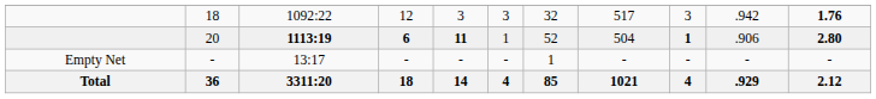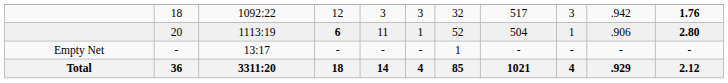 <table class="wikitable sortable" width ="1000">
 <tr align="center">
 </tr>
 <tr align="center" bgcolor="">
 <td></td>
 <td>18</td>
 <td>1092:22</td>
 <td>12</td>
 <td>3</td>
 <td>3</td>
 <td>32</td>
 <td>517</td>
 <td>3</td>
 <td>.942</td>
 <td><strong>1.76</strong></td>
 </tr>
 <tr align="center" bgcolor="f0f0f0">
 <td></td>
 <td>20</td>
-<td><strong>1113:19</strong></td>
+<td>1113:19</td>
 <td><strong>6</strong></td>
-<td><strong>11</strong></td>
+<td>11</td>
 <td>1</td>
 <td>52</td>
 <td>504</td>
-<td><strong>1</strong></td>
+<td>1</td>
 <td>.906</td>
 <td><strong>2.80</strong></td>
 </tr>
 <tr align="center" bgcolor="">
 <td>Empty Net</td>
 <td>-</td>
 <td>13:17</td>
 <td>-</td>
 <td>-</td>
 <td>-</td>
 <td>1</td>
 <td>-</td>
 <td>-</td>
 <td>-</td>
 <td>-</td>
 </tr>
 <tr>
 <th>Total</th>
 <th>36</th>
 <th>3311:20</th>
 <th>18</th>
 <th>14</th>
 <th>4</th>
 <th>85</th>
 <th>1021</th>
 <th>4</th>
 <th>.929</th>
 <th>2.12</th>
 </tr>
 </table>
